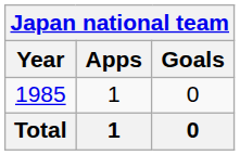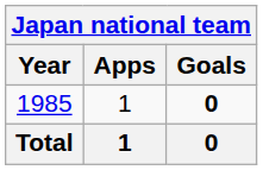 <table class="wikitable" style="text-align:center">
 <tr>
 <th colspan=3><a href='#'>Japan national team</a></th>
 </tr>
 <tr>
 <th>Year</th>
 <th>Apps</th>
 <th>Goals</th>
 </tr>
 <tr>
 <td><a href='#'>1985</a></td>
 <td>1</td>
-<td>0</td>
+<td><strong>0</strong></td>
 </tr>
 <tr>
 <th>Total</th>
 <th>1</th>
 <th>0</th>
 </tr>
 </table>
